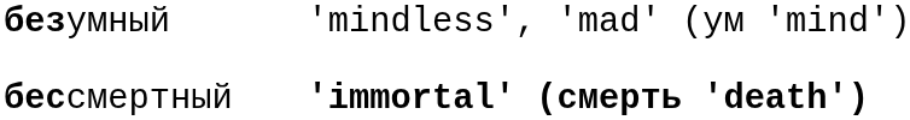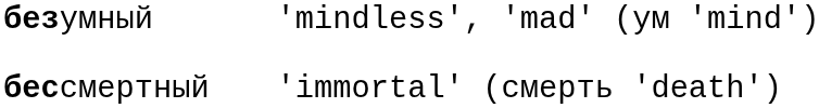 <table align=center cellpadding=6>
 <tr>
 <td><strong>без</strong>умный</td>
 <td></td>
 <td>'mindless', 'mad' (ум  'mind')</td>
 </tr>
 <tr>
 <td><strong>бес</strong>смертный</td>
 <td></td>
-<td><strong>'immortal' (смерть  'death')</strong></td>
+<td>'immortal' (смерть  'death')</td>
 </tr>
 </table>
